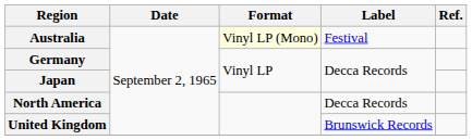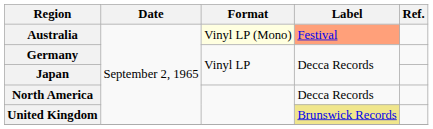 <table class="wikitable plainrowheaders">
 <tr>
 <th scope="col">Region</th>
 <th scope="col">Date</th>
 <th scope="col">Format</th>
 <th scope="col">Label</th>
 <th scope="col">Ref.</th>
 </tr>
 <tr>
 <th scope="row">Australia</th>
 <td rowspan="5">September 2, 1965</td>
 <td style="background: lightyellow;">Vinyl LP (Mono)</td>
-<td><a href='#'>Festival</a></td>
+<td style="background: lightsalmon;"><a href='#'>Festival</a></td>
 <td></td>
 </tr>
 <tr>
 <th scope="row">Germany</th>
 <td rowspan="2">Vinyl LP</td>
 <td rowspan="2">Decca Records</td>
 <td></td>
 </tr>
 <tr>
 <th scope="row">Japan</th>
 <td></td>
 </tr>
 <tr>
 <th scope="row">North America</th>
 <td rowspan="2"></td>
 <td>Decca Records</td>
 <td></td>
 </tr>
 <tr>
 <th scope="row">United Kingdom</th>
-<td><a href='#'>Brunswick Records</a></td>
+<td style="background: khaki;"><a href='#'>Brunswick Records</a></td>
 <td></td>
 </tr>
 <tr>
 </tr>
 </table>
